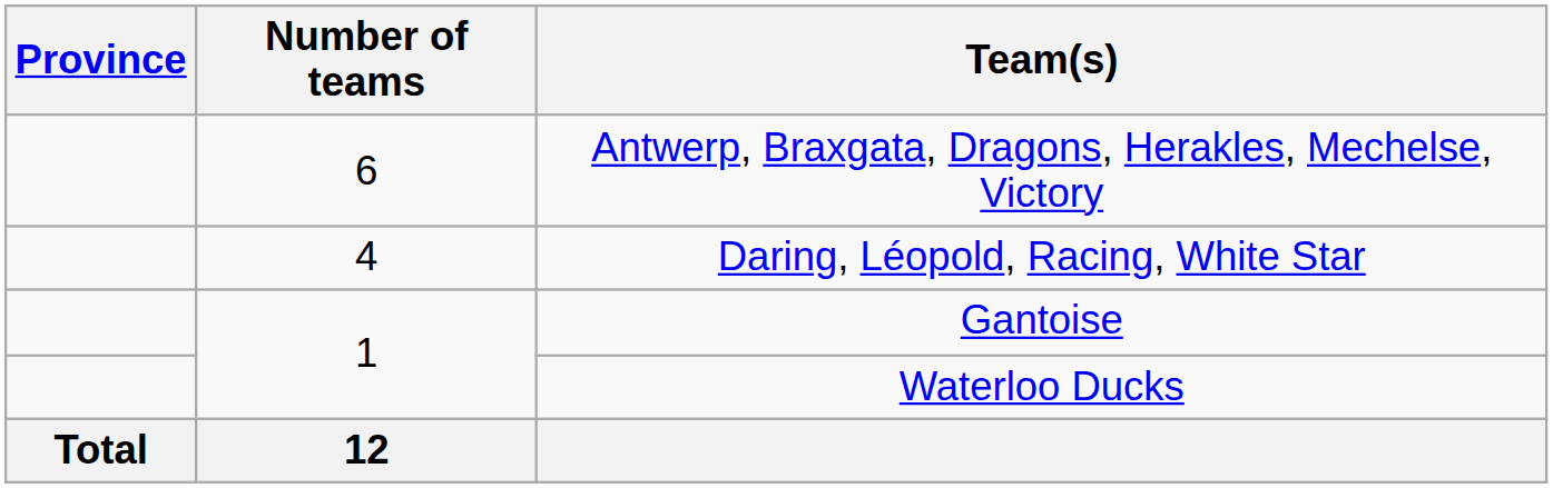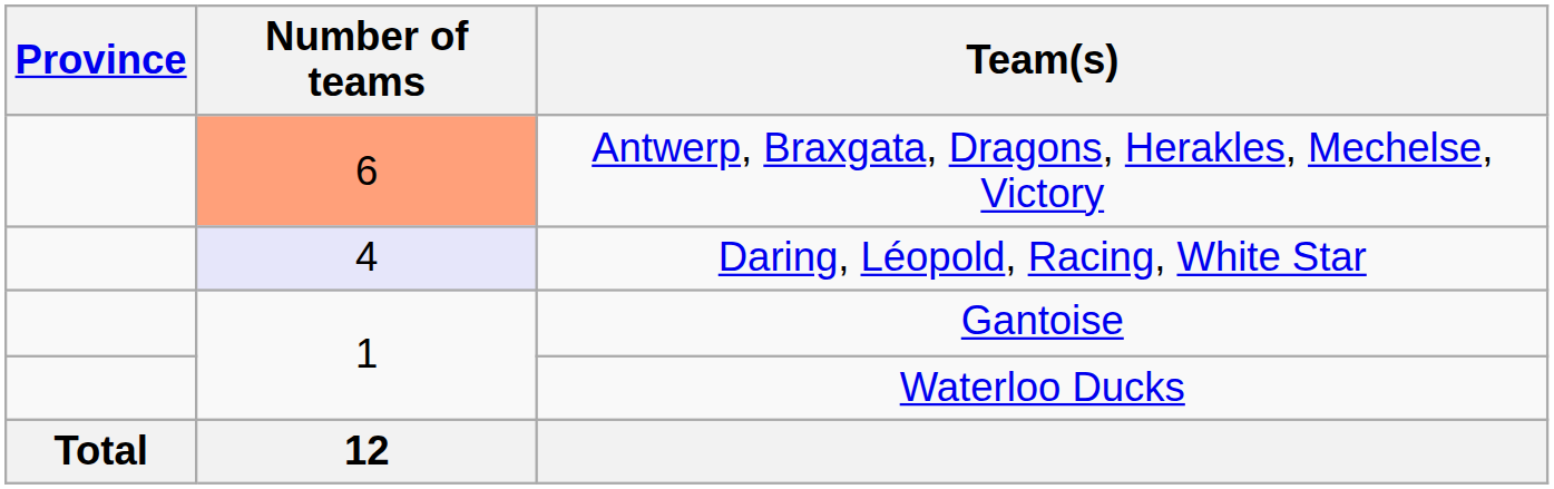 <table class="wikitable" style="text-align:center">
 <tr>
 <th><a href='#'>Province</a></th>
 <th>Number of teams</th>
 <th>Team(s)</th>
 </tr>
 <tr>
 <td align="left"></td>
-<td>6</td>
+<td style="background: lightsalmon;">6</td>
 <td><a href='#'>Antwerp</a>, <a href='#'>Braxgata</a>, <a href='#'>Dragons</a>, <a href='#'>Herakles</a>, <a href='#'>Mechelse</a>, <a href='#'>Victory</a></td>
 </tr>
 <tr>
 <td align="left"></td>
-<td>4</td>
+<td style="background: lavender;">4</td>
 <td><a href='#'>Daring</a>, <a href='#'>Léopold</a>, <a href='#'>Racing</a>, <a href='#'>White Star</a></td>
 </tr>
 <tr>
 <td align="left"></td>
 <td rowspan=2>1</td>
 <td><a href='#'>Gantoise</a></td>
 </tr>
 <tr>
 <td align=left></td>
 <td><a href='#'>Waterloo Ducks</a></td>
 </tr>
 <tr>
 <th>Total</th>
 <th>12</th>
 <th></th>
 </tr>
 </table>
